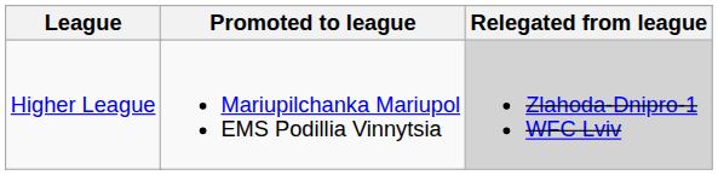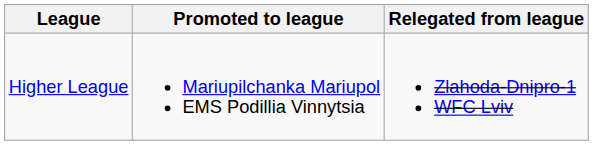 <table class="wikitable">
 <tr>
 <th colspan=2>League</th>
 <th>Promoted to league</th>
 <th>Relegated from league</th>
 </tr>
 <tr>
 <td colspan=2><a href='#'>Higher League</a></td>
 <td><br><ul><li><a href='#'>Mariupilchanka Mariupol</a></li><li>EMS Podillia Vinnytsia</li></ul></td>
-<td style="background: lightgrey;"><br><ul><li><del><a href='#'>Zlahoda-Dnipro-1</a></del></li><li><del><a href='#'>WFC Lviv</a></del></li></ul></td>
+<td><br><ul><li><del><a href='#'>Zlahoda-Dnipro-1</a></del></li><li><del><a href='#'>WFC Lviv</a></del></li></ul></td>
 </tr>
 </table>
